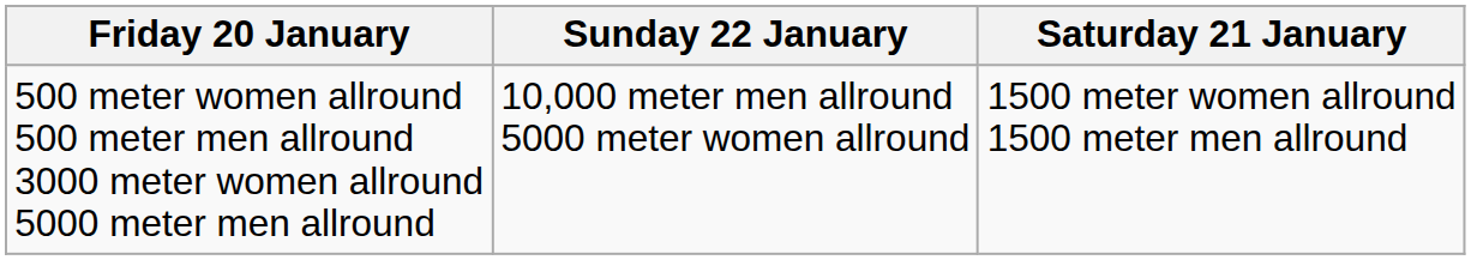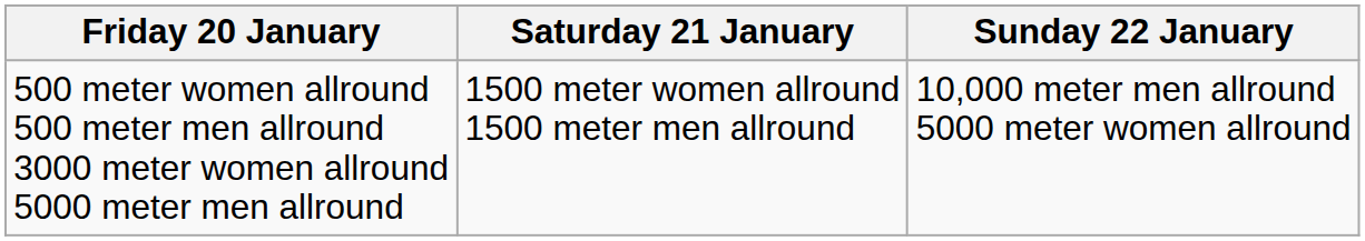 <table class="wikitable">
 <tr>
 <th>Friday 20 January</th>
+<th>Saturday 21 January</th>
 <th>Sunday 22 January</th>
-<th>Saturday 21 January</th>
 </tr>
 <tr>
 <td Valign=top>500 meter women allround <br> 500 meter men allround <br> 3000 meter women allround <br> 5000 meter men allround</td>
+<td Valign=top>1500 meter women allround <br> 1500 meter men allround</td>
 <td Valign=top>10,000 meter men allround <br> 5000 meter women allround</td>
-<td Valign=top>1500 meter women allround <br> 1500 meter men allround</td>
 </tr>
 </table>
